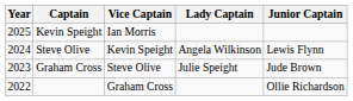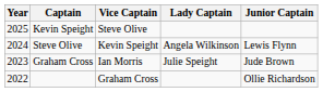 <table class="wikitable">
 <tr>
 <th>Year</th>
 <th>Captain</th>
 <th>Vice Captain</th>
 <th>Lady Captain</th>
 <th>Junior Captain</th>
 </tr>
 <tr>
 <td>2025</td>
 <td>Kevin Speight</td>
-<td>Ian Morris</td>
+<td>Steve Olive</td>
 <td></td>
 <td></td>
 </tr>
 <tr>
 <td>2024</td>
 <td>Steve Olive</td>
 <td>Kevin Speight</td>
 <td>Angela Wilkinson</td>
 <td>Lewis Flynn</td>
 </tr>
 <tr>
 <td>2023</td>
 <td>Graham Cross</td>
-<td>Steve Olive</td>
+<td>Ian Morris</td>
 <td>Julie Speight</td>
 <td>Jude Brown</td>
 </tr>
 <tr>
 <td>2022</td>
 <td></td>
 <td>Graham Cross</td>
 <td></td>
 <td>Ollie Richardson</td>
 </tr>
 </table>
